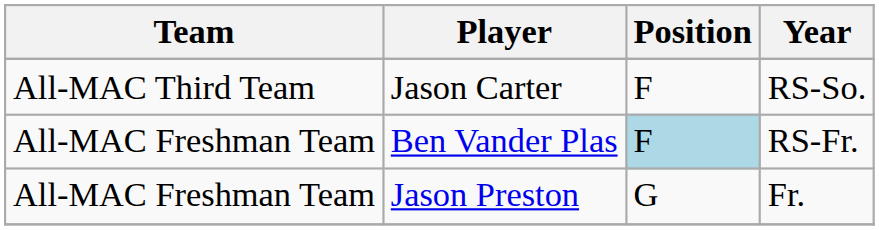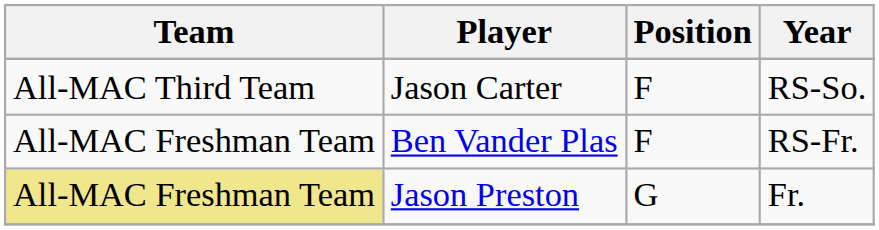 <table class="wikitable" border="1">
 <tr align=center>
 <th style= >Team</th>
 <th style= >Player</th>
 <th style= >Position</th>
 <th style= >Year</th>
 </tr>
 <tr align="center">
 </tr>
 <tr>
 <td>All-MAC Third Team</td>
 <td>Jason Carter</td>
 <td>F</td>
 <td>RS-So.</td>
 </tr>
 <tr>
 <td>All-MAC Freshman Team</td>
 <td><a href='#'>Ben Vander Plas</a></td>
-<td style="background: lightblue;">F</td>
+<td>F</td>
 <td>RS-Fr.</td>
 </tr>
 <tr>
-<td>All-MAC Freshman Team</td>
+<td style="background: khaki;">All-MAC Freshman Team</td>
 <td><a href='#'>Jason Preston</a></td>
 <td>G</td>
 <td>Fr.</td>
 </tr>
 <tr>
 </tr>
 </table>
